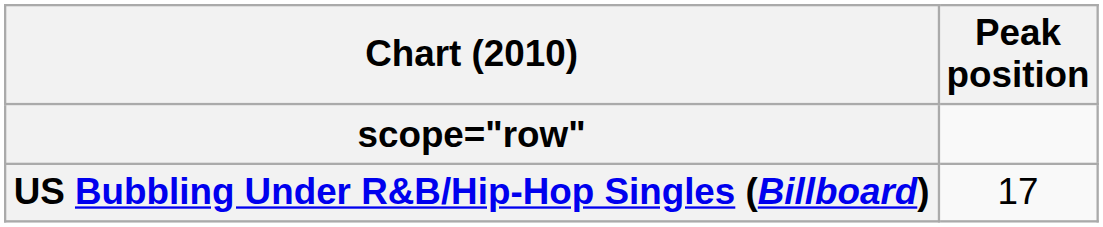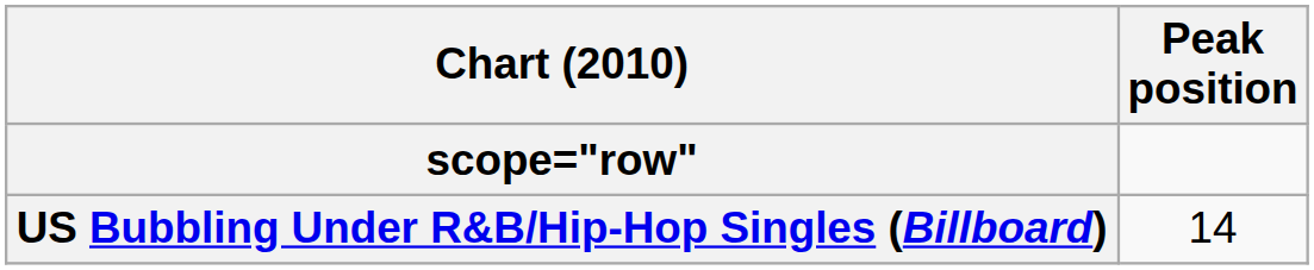 <table class="wikitable sortable plainrowheaders" style="text-align:center;">
 <tr>
 <th scope="col">Chart (2010)</th>
 <th scope="col">Peak<br>position</th>
 </tr>
 <tr>
 <th>scope="row"</th>
 </tr>
 <tr>
 <th scope="row">US <a href='#'>Bubbling Under R&B/Hip-Hop Singles</a> (<a href='#'><em>Billboard</em></a>)</th>
-<td>17</td>
+<td>14</td>
 </tr>
 </table>
